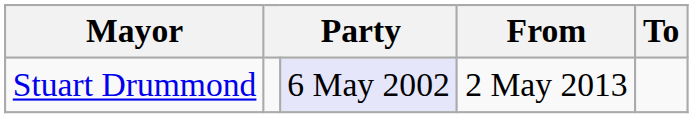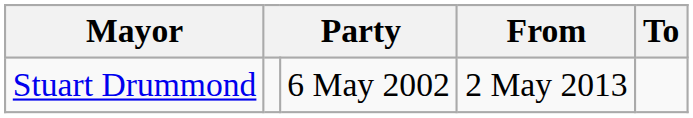 <table class=wikitable>
 <tr>
 <th>Mayor</th>
 <th colspan=2>Party</th>
 <th>From</th>
 <th>To</th>
 </tr>
 <tr>
 <td><a href='#'>Stuart Drummond</a></td>
 <td></td>
-<td align=right style="background: lavender;">6 May 2002</td>
+<td align=right>6 May 2002</td>
 <td align=right>2 May 2013</td>
 </tr>
 </table>
